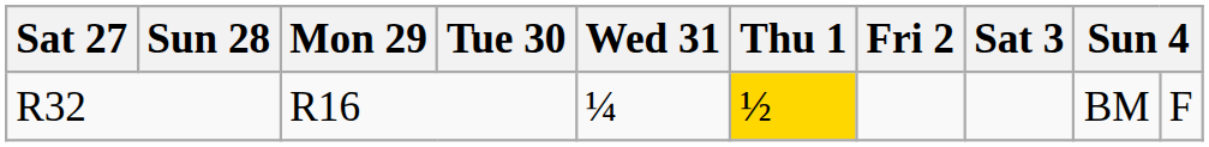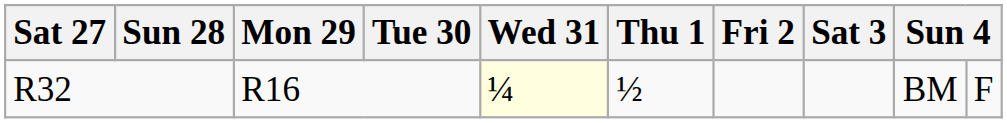 <table class="wikitable olympic-schedule tennis">
 <tr>
 <th>Sat 27</th>
 <th>Sun 28</th>
 <th>Mon 29</th>
 <th>Tue 30</th>
 <th>Wed 31</th>
 <th>Thu 1</th>
 <th colspan=2>Fri 2</th>
 <th>Sat 3</th>
 <th colspan=2>Sun 4</th>
 </tr>
 <tr>
 <td colspan=2 class="prelims">R32</td>
 <td colspan=2 class="prelims">R16</td>
-<td class="quarterfinals">¼</td>
-<td class="semifinals" style="background: gold;">½</td>
+<td class="quarterfinals" style="background: lightyellow;">¼</td>
+<td class="semifinals">½</td>
 <td colspan=2></td>
 <td></td>
 <td class="final">BM</td>
 <td class="final">F</td>
 </tr>
 </table>
